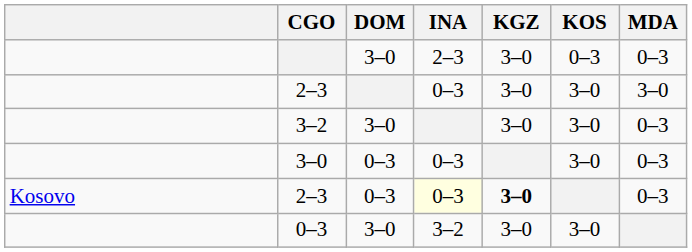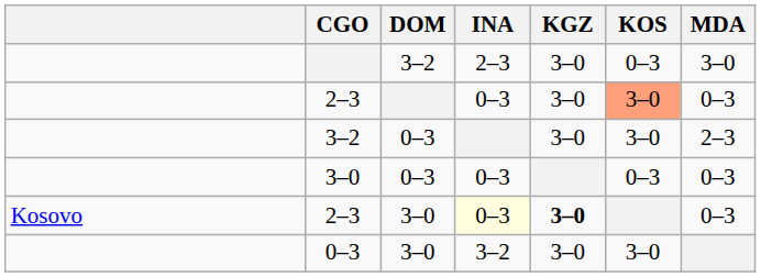 <table class="wikitable" style="text-align:center; font-size:90%">
 <tr>
 <th width="180"> </th>
 <th width="40">CGO</th>
 <th width="40">DOM</th>
 <th width="40">INA</th>
 <th width="40">KGZ</th>
 <th width="40">KOS</th>
 <th width="40">MDA</th>
 </tr>
 <tr>
 <td style="text-align:left;"></td>
 <th></th>
-<td>3–0</td>
+<td>3–2</td>
 <td>2–3</td>
 <td>3–0</td>
 <td>0–3</td>
-<td>0–3</td>
+<td>3–0</td>
 </tr>
 <tr>
 <td style="text-align:left;"></td>
 <td>2–3</td>
 <th></th>
 <td>0–3</td>
 <td>3–0</td>
-<td>3–0</td>
-<td>3–0</td>
+<td style="background: lightsalmon;">3–0</td>
+<td>0–3</td>
 </tr>
 <tr>
 <td style="text-align:left;"></td>
 <td>3–2</td>
-<td>3–0</td>
+<td>0–3</td>
 <th></th>
 <td>3–0</td>
 <td>3–0</td>
-<td>0–3</td>
+<td>2–3</td>
 </tr>
 <tr>
 <td style="text-align:left;"></td>
 <td>3–0</td>
 <td>0–3</td>
 <td>0–3</td>
 <th></th>
-<td>3–0</td>
+<td>0–3</td>
 <td>0–3</td>
 </tr>
 <tr>
 <td style="text-align:left;"> <a href='#'>Kosovo</a></td>
 <td>2–3</td>
-<td>0–3</td>
+<td>3–0</td>
 <td style="background: lightyellow;">0–3</td>
 <td><strong>3–0</strong></td>
 <th></th>
 <td>0–3</td>
 </tr>
 <tr>
 <td style="text-align:left;"></td>
 <td>0–3</td>
 <td>3–0</td>
 <td>3–2</td>
 <td>3–0</td>
 <td>3–0</td>
 <th></th>
 </tr>
 </table>
